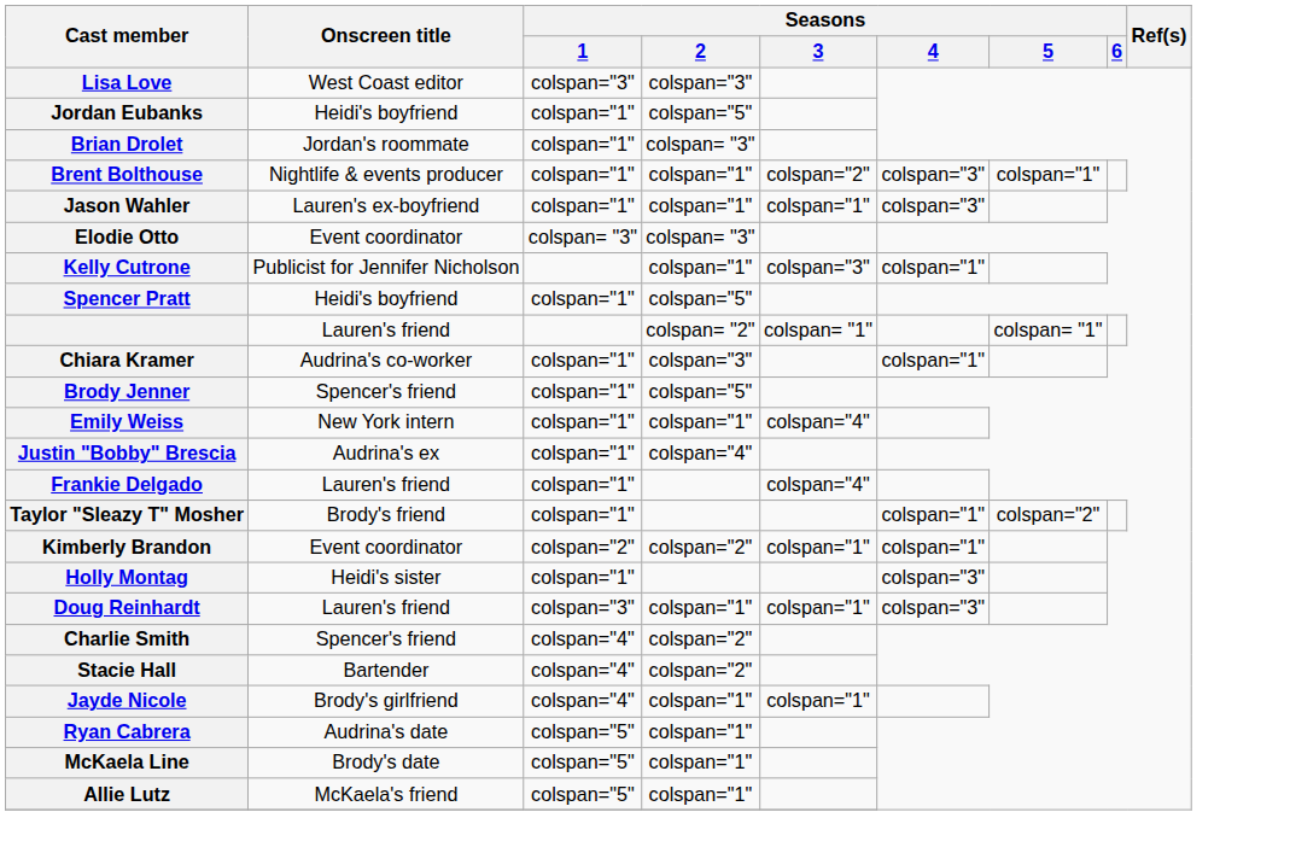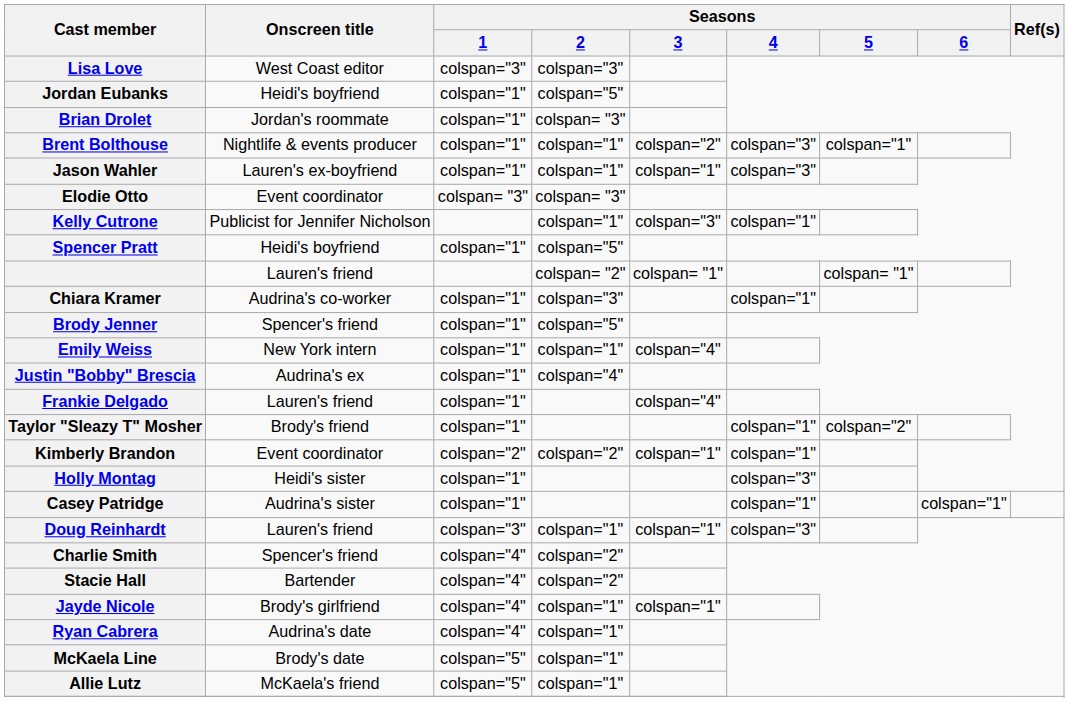 <table class="wikitable sortable" style="text-align:center">
 <tr>
 <th rowspan="2">Cast member</th>
 <th rowspan="2">Onscreen title</th>
 <th colspan="6">Seasons</th>
 <th rowspan="2" scope="col">Ref(s)</th>
 </tr>
 <tr>
 <th><a href='#'>1</a></th>
 <th><a href='#'>2</a></th>
 <th><a href='#'>3</a></th>
 <th><a href='#'>4</a></th>
 <th><a href='#'>5</a></th>
 <th><a href='#'>6</a></th>
 </tr>
 <tr>
 <th scope="row" style="text-align:center;"><a href='#'>Lisa Love</a></th>
 <td style="text-align:center;">West Coast editor</td>
 <td>colspan="3"  </td>
 <td>colspan="3"  </td>
 <td></td>
 </tr>
 <tr>
 <th scope="row" style="text-align:center;">Jordan Eubanks</th>
 <td style="text-align:center;">Heidi's boyfriend</td>
 <td>colspan="1"  </td>
 <td>colspan="5"  </td>
 <td></td>
 </tr>
 <tr>
 <th scope="row" style="text-align:center;"><a href='#'>Brian Drolet</a></th>
 <td style="text-align:center;">Jordan's roommate</td>
 <td>colspan="1"  </td>
 <td>colspan= "3" </td>
 <td></td>
 </tr>
 <tr>
 <th scope="row" style="text-align:center;"><a href='#'>Brent Bolthouse</a></th>
 <td style="text-align:center;">Nightlife & events producer</td>
 <td>colspan="1"  </td>
 <td>colspan="1" </td>
 <td>colspan="2"  </td>
 <td>colspan="3"  </td>
 <td>colspan="1"  </td>
 <td></td>
 </tr>
 <tr>
 <th scope="row" style="text-align:center;">Jason Wahler</th>
 <td style="text-align:center;">Lauren's ex-boyfriend</td>
 <td>colspan="1"  </td>
 <td>colspan="1" </td>
 <td>colspan="1"  </td>
 <td>colspan="3"  </td>
 <td></td>
 </tr>
 <tr>
 <th scope="row" style="text-align:center;">Elodie Otto</th>
 <td style="text-align:center;">Event coordinator</td>
 <td>colspan= "3" </td>
 <td>colspan= "3" </td>
 <td></td>
 </tr>
 <tr>
 <th scope="row" style="text-align:center;"><a href='#'>Kelly Cutrone</a></th>
 <td style="text-align:center;">Publicist for Jennifer Nicholson</td>
 <td></td>
 <td>colspan="1"  </td>
 <td>colspan="3"  </td>
 <td>colspan="1"  </td>
 <td></td>
 </tr>
 <tr>
 <th scope="row" style="text-align:center;"><a href='#'>Spencer Pratt</a></th>
 <td style="text-align:center;">Heidi's boyfriend</td>
 <td>colspan="1"  </td>
 <td>colspan="5"  </td>
 <td></td>
 </tr>
 <tr>
 <th scope="row"></th>
 <td>Lauren's friend</td>
 <td></td>
 <td>colspan= "2" </td>
 <td>colspan= "1" </td>
 <td></td>
 <td>colspan= "1" </td>
 <td></td>
 </tr>
 <tr>
 <th scope="row" style="text-align:center;">Chiara Kramer</th>
 <td style="text-align:center;">Audrina's co-worker</td>
 <td>colspan="1"  </td>
 <td>colspan="3"  </td>
 <td></td>
 <td>colspan="1"  </td>
 <td></td>
 </tr>
 <tr>
 <th scope="row" style="text-align:center;"><a href='#'>Brody Jenner</a></th>
 <td style="text-align:center;">Spencer's friend</td>
 <td>colspan="1"  </td>
 <td>colspan="5"  </td>
 <td></td>
 </tr>
 <tr>
 <th scope="row" style="text-align:center;"><a href='#'>Emily Weiss</a></th>
 <td style="text-align:center;">New York intern</td>
 <td>colspan="1"  </td>
 <td>colspan="1"  </td>
 <td>colspan="4"  </td>
 <td></td>
 </tr>
 <tr>
 <th scope="row" style="text-align:center;"><a href='#'>Justin "Bobby" Brescia</a></th>
 <td style="text-align:center;">Audrina's ex</td>
 <td>colspan="1"  </td>
 <td>colspan="4"  </td>
 <td></td>
 </tr>
 <tr>
 <th scope="row" style="text-align:center;"><a href='#'>Frankie Delgado</a></th>
 <td style="text-align:center;">Lauren's friend</td>
 <td>colspan="1"  </td>
 <td></td>
 <td>colspan="4"  </td>
 <td></td>
 </tr>
 <tr>
 <th scope="row" style="text-align:center;">Taylor "Sleazy T" Mosher</th>
 <td style="text-align:center;">Brody's friend</td>
 <td>colspan="1"  </td>
 <td></td>
 <td></td>
 <td>colspan="1"  </td>
 <td>colspan="2"  </td>
 <td></td>
 </tr>
 <tr>
 <th scope="row" style="text-align:center;">Kimberly Brandon</th>
 <td style="text-align:center;">Event coordinator</td>
 <td>colspan="2"  </td>
 <td>colspan="2"  </td>
 <td>colspan="1" </td>
 <td>colspan="1"  </td>
 <td></td>
 </tr>
 <tr>
 <th scope="row" style="text-align:center;"><a href='#'>Holly Montag</a></th>
 <td style="text-align:center;">Heidi's sister</td>
 <td>colspan="1"  </td>
 <td></td>
 <td></td>
 <td>colspan="3"  </td>
 <td></td>
 </tr>
 <tr>
+<th scope="row" style="text-align:center;">Casey Patridge</th>
+<td style="text-align:center;">Audrina's sister</td>
+<td>colspan="1"  </td>
+<td></td>
+<td></td>
+<td>colspan="1"  </td>
+<td></td>
+<td>colspan="1"  </td>
+<td></td>
+</tr>
+<tr>
 <th scope="row" style="text-align:center;"><a href='#'>Doug Reinhardt</a></th>
 <td style="text-align:center;">Lauren's friend</td>
 <td>colspan="3"  </td>
 <td>colspan="1"  </td>
 <td>colspan="1" </td>
 <td>colspan="3"  </td>
 <td></td>
 </tr>
 <tr>
 <th scope="row" style="text-align:center;">Charlie Smith</th>
 <td style="text-align:center;">Spencer's friend</td>
 <td>colspan="4"  </td>
 <td>colspan="2"  </td>
 <td></td>
 </tr>
 <tr>
 <th scope="row" style="text-align:center;">Stacie Hall</th>
 <td style="text-align:center;">Bartender</td>
 <td>colspan="4"  </td>
 <td>colspan="2"  </td>
 <td></td>
 </tr>
 <tr>
 <th scope="row" style="text-align:center;"><a href='#'>Jayde Nicole</a></th>
 <td style="text-align:center;">Brody's girlfriend</td>
 <td>colspan="4"  </td>
 <td>colspan="1"  </td>
 <td>colspan="1"  </td>
 <td></td>
 </tr>
 <tr>
 <th scope="row" style="text-align:center;"><a href='#'>Ryan Cabrera</a></th>
 <td style="text-align:center;">Audrina's date</td>
-<td>colspan="5"  </td>
+<td>colspan="4"  </td>
 <td>colspan="1"  </td>
 <td></td>
 </tr>
 <tr>
 <th scope="row" style="text-align:center;">McKaela Line</th>
 <td>Brody's date</td>
 <td>colspan="5"  </td>
 <td>colspan="1"  </td>
 <td></td>
 </tr>
 <tr>
 <th scope="row" style="text-align:center;">Allie Lutz</th>
 <td style="text-align:center;">McKaela's friend</td>
 <td>colspan="5"  </td>
 <td>colspan="1"  </td>
 <td></td>
 </tr>
 <tr>
 </tr>
 </table>
